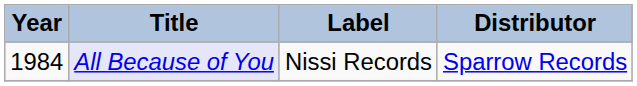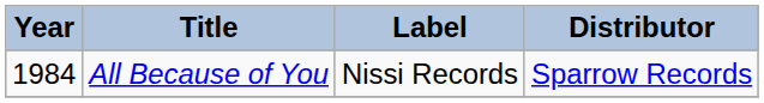 <table class="wikitable">
 <tr>
 <th style="background:#B0C4DE;">Year</th>
 <th style="background:#B0C4DE;">Title</th>
 <th style="background:#B0C4DE;">Label</th>
 <th style="background:#B0C4DE;">Distributor</th>
 </tr>
 <tr>
 <td>1984</td>
-<td style="background: lavender;"><em><a href='#'>All Because of You</a></em></td>
+<td><em><a href='#'>All Because of You</a></em></td>
 <td>Nissi Records</td>
 <td><a href='#'>Sparrow Records</a></td>
 </tr>
 <tr>
 </tr>
 </table>
